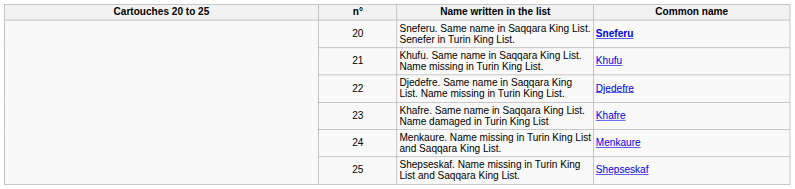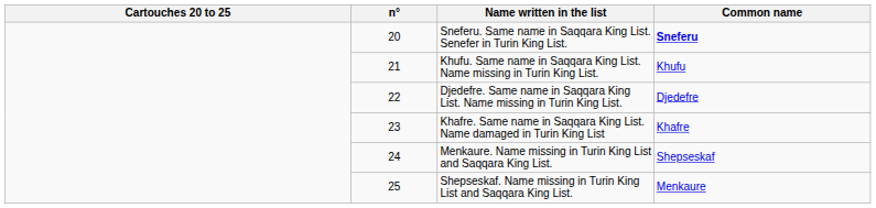 <table class="wikitable">
 <tr>
 <th width = "40%">Cartouches 20 to 25</th>
 <th width = "10%">n°</th>
 <th width = "25%">Name written in the list</th>
 <th width = "25%">Common name</th>
 </tr>
 <tr>
 <td rowspan = "6"></td>
 <td align = "center">20</td>
 <td>Sneferu. Same name in Saqqara King List. Senefer in Turin King List.</td>
 <td><strong><a href='#'>Sneferu</a></strong></td>
 </tr>
 <tr>
 <td align = "center">21</td>
 <td>Khufu. Same name in Saqqara King List. Name missing in Turin King List.</td>
 <td><a href='#'>Khufu</a></td>
 </tr>
 <tr>
 <td align = "center">22</td>
 <td>Djedefre. Same name in Saqqara King List. Name missing in Turin King List.</td>
 <td><a href='#'>Djedefre</a></td>
 </tr>
 <tr>
 <td align = "center">23</td>
 <td>Khafre. Same name in Saqqara King List. Name damaged in Turin King List</td>
 <td><a href='#'>Khafre</a></td>
 </tr>
 <tr>
 <td align = "center">24</td>
 <td>Menkaure. Name missing in Turin King List and Saqqara King List.</td>
-<td><a href='#'>Menkaure</a></td>
+<td><a href='#'>Shepseskaf</a></td>
 </tr>
 <tr>
 <td align = "center">25</td>
 <td>Shepseskaf. Name missing in Turin King List and Saqqara King List.</td>
-<td><a href='#'>Shepseskaf</a></td>
+<td><a href='#'>Menkaure</a></td>
 </tr>
 </table>
